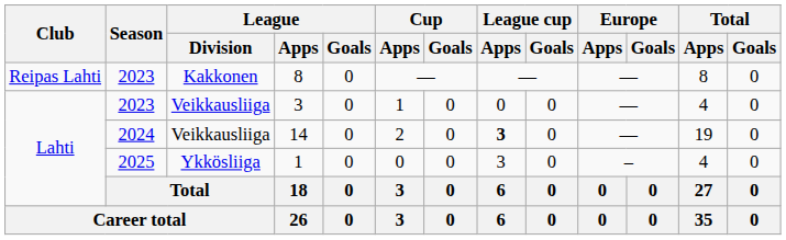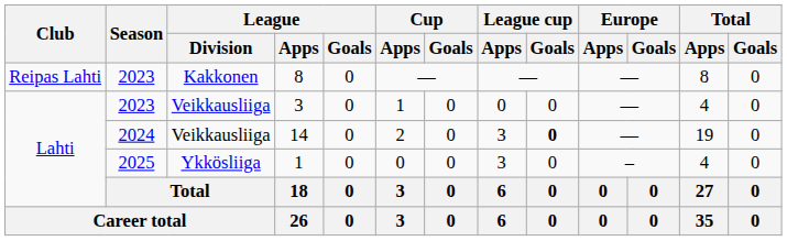 <table class="wikitable" style="text-align:center">
 <tr>
 <th rowspan="2">Club</th>
 <th rowspan="2">Season</th>
 <th colspan="3">League</th>
 <th colspan="2">Cup</th>
 <th colspan="2">League cup</th>
 <th colspan="2">Europe</th>
 <th colspan="2">Total</th>
 </tr>
 <tr>
 <th>Division</th>
 <th>Apps</th>
 <th>Goals</th>
 <th>Apps</th>
 <th>Goals</th>
 <th>Apps</th>
 <th>Goals</th>
 <th>Apps</th>
 <th>Goals</th>
 <th>Apps</th>
 <th>Goals</th>
 </tr>
 <tr>
 <td><a href='#'>Reipas Lahti</a></td>
 <td><a href='#'>2023</a></td>
 <td><a href='#'>Kakkonen</a></td>
 <td>8</td>
 <td>0</td>
 <td colspan="2">—</td>
 <td colspan="2">—</td>
 <td colspan="2">—</td>
 <td>8</td>
 <td>0</td>
 </tr>
 <tr>
 <td rowspan=4><a href='#'>Lahti</a></td>
 <td><a href='#'>2023</a></td>
 <td><a href='#'>Veikkausliiga</a></td>
 <td>3</td>
 <td>0</td>
 <td>1</td>
 <td>0</td>
 <td>0</td>
 <td>0</td>
 <td colspan="2">—</td>
 <td>4</td>
 <td>0</td>
 </tr>
 <tr>
 <td><a href='#'>2024</a></td>
 <td>Veikkausliiga</td>
 <td>14</td>
 <td>0</td>
 <td>2</td>
 <td>0</td>
-<td><strong>3</strong></td>
-<td>0</td>
+<td>3</td>
+<td><strong>0</strong></td>
 <td colspan="2">—</td>
 <td>19</td>
 <td>0</td>
 </tr>
 <tr>
 <td><a href='#'>2025</a></td>
 <td><a href='#'>Ykkösliiga</a></td>
 <td>1</td>
 <td>0</td>
 <td>0</td>
 <td>0</td>
 <td>3</td>
 <td>0</td>
 <td colspan=2>–</td>
 <td>4</td>
 <td>0</td>
 </tr>
 <tr>
 <th colspan="2">Total</th>
 <th>18</th>
 <th>0</th>
 <th>3</th>
 <th>0</th>
 <th>6</th>
 <th>0</th>
 <th>0</th>
 <th>0</th>
 <th>27</th>
 <th>0</th>
 </tr>
 <tr>
 <th colspan="3">Career total</th>
 <th>26</th>
 <th>0</th>
 <th>3</th>
 <th>0</th>
 <th>6</th>
 <th>0</th>
 <th>0</th>
 <th>0</th>
 <th>35</th>
 <th>0</th>
 </tr>
 </table>
